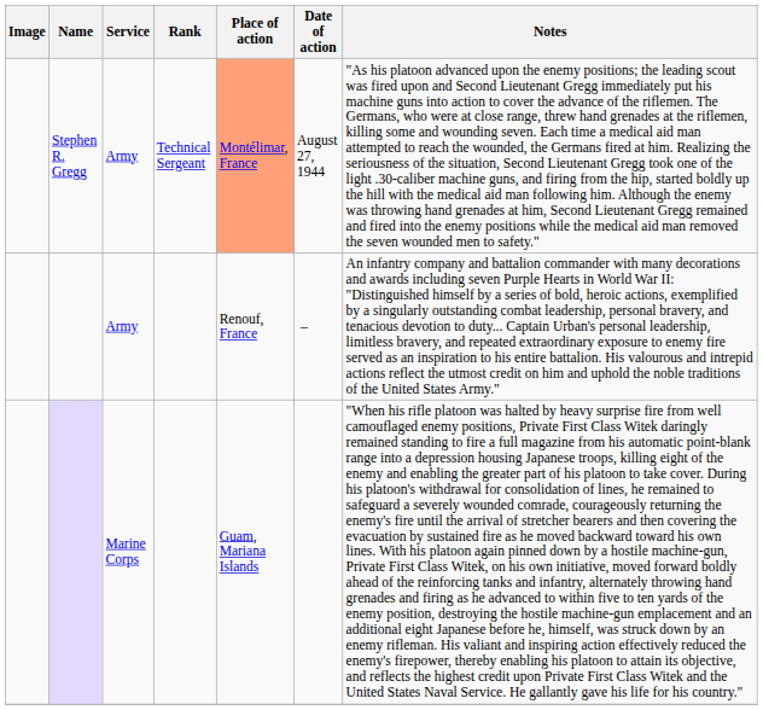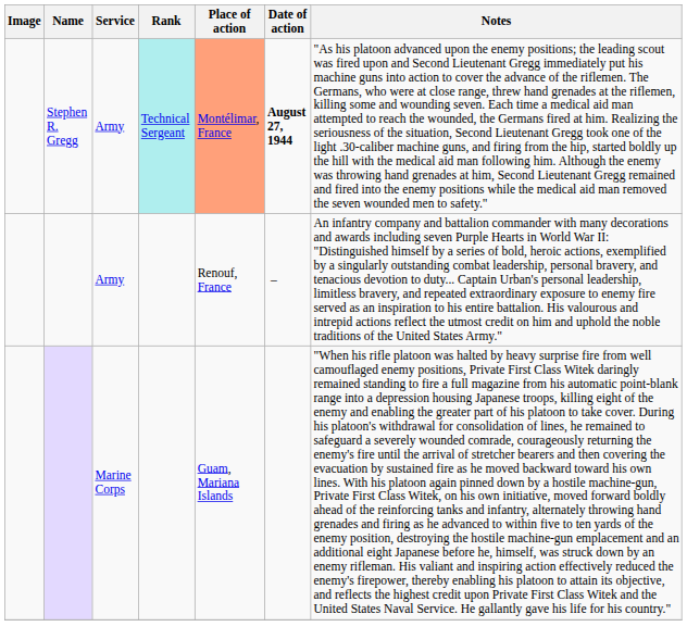 <table class="wikitable" width="98%">
 <tr>
 <th class="unsortable">Image</th>
 <th>Name</th>
 <th>Service</th>
 <th>Rank</th>
 <th>Place of action</th>
 <th>Date of action</th>
 <th class="unsortable">Notes</th>
 </tr>
 <tr>
 <td></td>
 <td><a href='#'>Stephen R. Gregg</a></td>
 <td><a href='#'>Army</a></td>
-<td><a href='#'>Technical Sergeant</a></td>
+<td style="background: paleturquoise;"><a href='#'>Technical Sergeant</a></td>
 <td style="background: lightsalmon;"><a href='#'>Montélimar</a>, <a href='#'>France</a></td>
-<td>August 27, 1944</td>
+<td><strong>August 27, 1944</strong></td>
 <td>"As his platoon advanced upon the enemy positions; the leading scout was fired upon and Second Lieutenant Gregg immediately put his machine guns into action to cover the advance of the riflemen. The Germans, who were at close range, threw hand grenades at the riflemen, killing some and wounding seven. Each time a medical aid man attempted to reach the wounded, the Germans fired at him. Realizing the seriousness of the situation, Second Lieutenant Gregg took one of the light .30-caliber machine guns, and firing from the hip, started boldly up the hill with the medical aid man following him. Although the enemy was throwing hand grenades at him, Second Lieutenant Gregg remained and fired into the enemy positions while the medical aid man removed the seven wounded men to safety."</td>
 </tr>
 <tr>
 <td></td>
 <td></td>
 <td><a href='#'>Army</a></td>
 <td></td>
 <td>Renouf, <a href='#'>France</a></td>
 <td> – </td>
 <td>An infantry company and battalion commander with many decorations and awards including seven Purple Hearts in World War II:<br>"Distinguished himself by a series of bold, heroic actions, exemplified by a singularly outstanding combat leadership, personal bravery, and tenacious devotion to duty... Captain Urban's personal leadership, limitless bravery, and repeated extraordinary exposure to enemy fire served as an inspiration to his entire battalion. His valourous and intrepid actions reflect the utmost credit on him and uphold the noble traditions of the United States Army."</td>
 </tr>
 <tr>
 <td></td>
 <td style="background:#e3d9ff;"></td>
 <td><a href='#'>Marine Corps</a></td>
 <td></td>
 <td><a href='#'>Guam</a>, <a href='#'>Mariana Islands</a></td>
 <td></td>
 <td>"When his rifle platoon was halted by heavy surprise fire from well camouflaged enemy positions, Private First Class Witek daringly remained standing to fire a full magazine from his automatic point-blank range into a depression housing Japanese troops, killing eight of the enemy and enabling the greater part of his platoon to take cover. During his platoon's withdrawal for consolidation of lines, he remained to safeguard a severely wounded comrade, courageously returning the enemy's fire until the arrival of stretcher bearers and then covering the evacuation by sustained fire as he moved backward toward his own lines. With his platoon again pinned down by a hostile machine-gun, Private First Class Witek, on his own initiative, moved forward boldly ahead of the reinforcing tanks and infantry, alternately throwing hand grenades and firing as he advanced to within five to ten yards of the enemy position, destroying the hostile machine-gun emplacement and an additional eight Japanese before he, himself, was struck down by an enemy rifleman. His valiant and inspiring action effectively reduced the enemy's firepower, thereby enabling his platoon to attain its objective, and reflects the highest credit upon Private First Class Witek and the United States Naval Service. He gallantly gave his life for his country."</td>
 </tr>
 <tr>
 </tr>
 </table>
